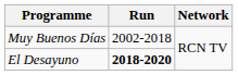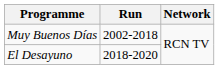 <table class="wikitable">
 <tr>
 <th>Programme</th>
 <th>Run</th>
 <th>Network</th>
 </tr>
 <tr>
 <td><em>Muy Buenos Días</em></td>
 <td>2002-2018</td>
 <td rowspan="2">RCN TV</td>
 </tr>
 <tr>
 <td><em>El Desayuno</em></td>
-<td><strong>2018-2020</strong></td>
+<td>2018-2020</td>
 </tr>
 </table>
